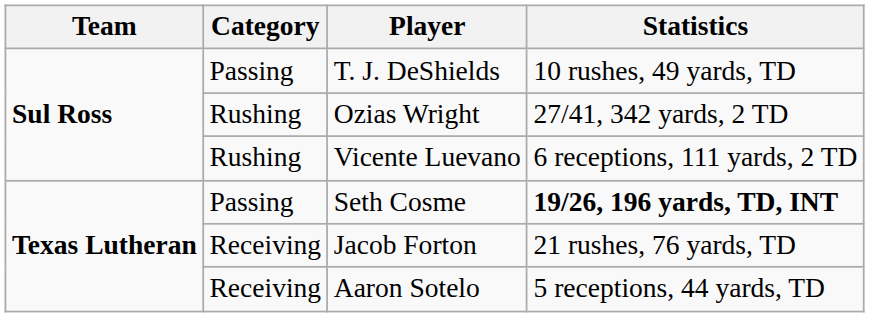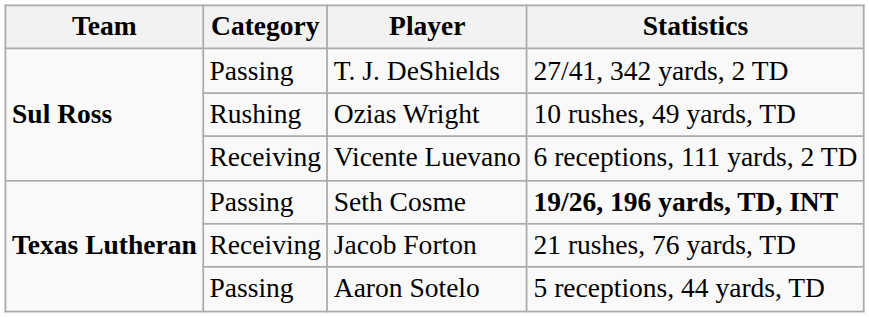 <table class="wikitable" style="float: right;">
 <tr>
 <th>Team</th>
 <th>Category</th>
 <th>Player</th>
 <th>Statistics</th>
 </tr>
 <tr>
 <td rowspan=3><strong>Sul Ross</strong></td>
 <td>Passing</td>
 <td>T. J. DeShields</td>
-<td>10 rushes, 49 yards, TD</td>
+<td>27/41, 342 yards, 2 TD</td>
 </tr>
 <tr>
 <td>Rushing</td>
 <td>Ozias Wright</td>
-<td>27/41, 342 yards, 2 TD</td>
+<td>10 rushes, 49 yards, TD</td>
 </tr>
 <tr>
-<td>Rushing</td>
+<td>Receiving</td>
 <td>Vicente Luevano</td>
 <td>6 receptions, 111 yards, 2 TD</td>
 </tr>
 <tr>
 <td rowspan=3><strong>Texas Lutheran</strong></td>
 <td>Passing</td>
 <td>Seth Cosme</td>
 <td><strong>19/26, 196 yards, TD, INT</strong></td>
 </tr>
 <tr>
 <td>Receiving</td>
 <td>Jacob Forton</td>
 <td>21 rushes, 76 yards, TD</td>
 </tr>
 <tr>
-<td>Receiving</td>
+<td>Passing</td>
 <td>Aaron Sotelo</td>
 <td>5 receptions, 44 yards, TD</td>
 </tr>
 </table>
